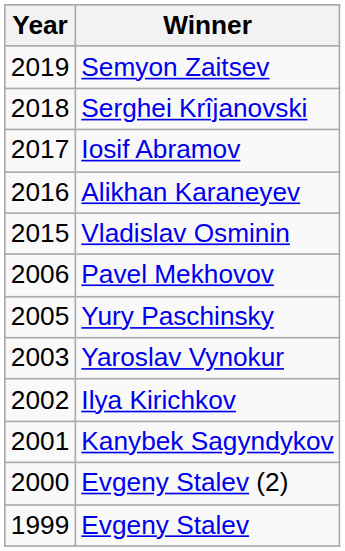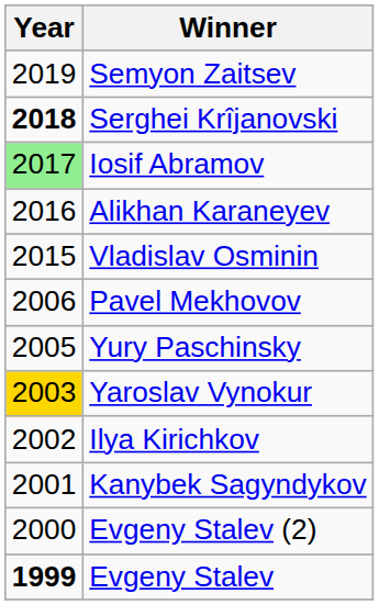 <table class="wikitable sortable">
 <tr>
 <th>Year</th>
 <th>Winner</th>
 </tr>
 <tr>
 <td>2019</td>
 <td> <a href='#'>Semyon Zaitsev</a></td>
 </tr>
 <tr>
-<td>2018</td>
+<td><strong>2018</strong></td>
 <td> <a href='#'>Serghei Krîjanovski</a></td>
 </tr>
 <tr>
-<td>2017</td>
+<td style="background: lightgreen;">2017</td>
 <td> <a href='#'>Iosif Abramov</a></td>
 </tr>
 <tr>
 <td>2016</td>
 <td> <a href='#'>Alikhan Karaneyev</a></td>
 </tr>
 <tr>
 <td>2015</td>
 <td> <a href='#'>Vladislav Osminin</a></td>
 </tr>
 <tr>
 <td>2006</td>
 <td> <a href='#'>Pavel Mekhovov</a></td>
 </tr>
 <tr>
 <td>2005</td>
 <td> <a href='#'>Yury Paschinsky</a></td>
 </tr>
 <tr>
-<td>2003</td>
+<td style="background: gold;">2003</td>
 <td> <a href='#'>Yaroslav Vynokur</a></td>
 </tr>
 <tr>
 <td>2002</td>
 <td> <a href='#'>Ilya Kirichkov</a></td>
 </tr>
 <tr>
 <td>2001</td>
 <td> <a href='#'>Kanybek Sagyndykov</a></td>
 </tr>
 <tr>
 <td>2000</td>
 <td> <a href='#'>Evgeny Stalev</a> (2)</td>
 </tr>
 <tr>
-<td>1999</td>
+<td><strong>1999</strong></td>
 <td> <a href='#'>Evgeny Stalev</a></td>
 </tr>
 </table>
